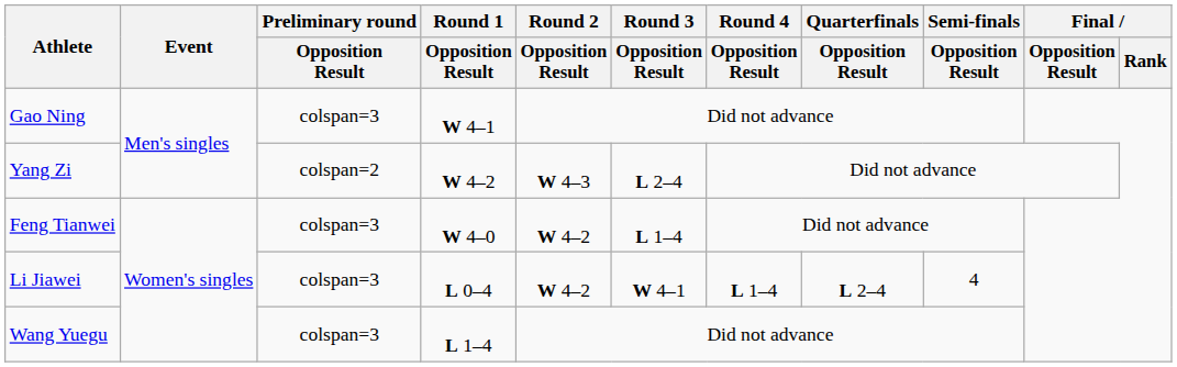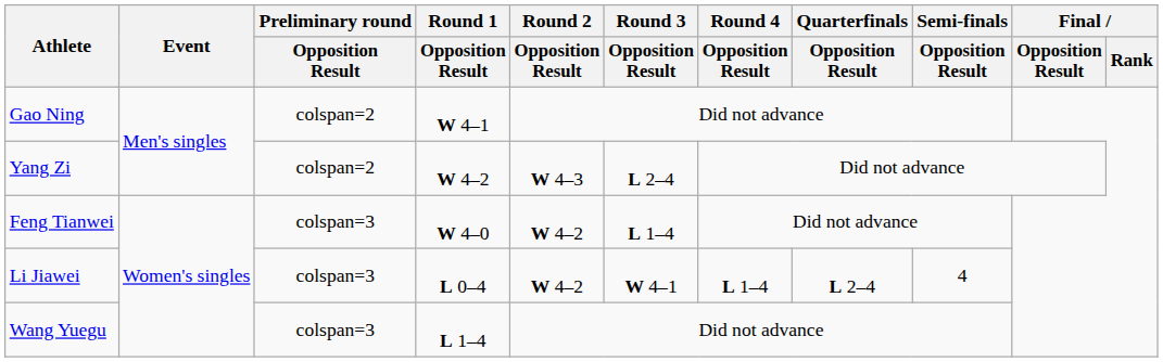 <table class="wikitable" style="font-size:90%">
 <tr>
 <th rowspan="2">Athlete</th>
 <th rowspan="2">Event</th>
 <th>Preliminary round</th>
 <th>Round 1</th>
 <th>Round 2</th>
 <th>Round 3</th>
 <th>Round 4</th>
 <th>Quarterfinals</th>
 <th>Semi-finals</th>
 <th colspan=2>Final / </th>
 </tr>
 <tr style="font-size:95%">
 <th>Opposition<br>Result</th>
 <th>Opposition<br>Result</th>
 <th>Opposition<br>Result</th>
 <th>Opposition<br>Result</th>
 <th>Opposition<br>Result</th>
 <th>Opposition<br>Result</th>
 <th>Opposition<br>Result</th>
 <th>Opposition<br>Result</th>
 <th>Rank</th>
 </tr>
 <tr align=center>
 <td align=left><a href='#'>Gao Ning</a></td>
 <td align=left rowspan=2><a href='#'>Men's singles</a></td>
-<td>colspan=3 </td>
+<td>colspan=2 </td>
 <td><br><strong>W</strong> 4–1</td>
 <td colspan=5>Did not advance</td>
 </tr>
 <tr align=center>
 <td align=left><a href='#'>Yang Zi</a></td>
 <td>colspan=2 </td>
 <td><br><strong>W</strong> 4–2</td>
 <td><br><strong>W</strong> 4–3</td>
 <td><br><strong>L</strong> 2–4</td>
 <td colspan=4>Did not advance</td>
 </tr>
 <tr align=center>
 <td align=left><a href='#'>Feng Tianwei</a></td>
 <td align=left rowspan=3><a href='#'>Women's singles</a></td>
 <td>colspan=3 </td>
 <td><br><strong>W</strong> 4–0</td>
 <td><br><strong>W</strong> 4–2</td>
 <td><br><strong>L</strong> 1–4</td>
 <td colspan=3>Did not advance</td>
 </tr>
 <tr align=center>
 <td align=left><a href='#'>Li Jiawei</a></td>
 <td>colspan=3 </td>
 <td><br><strong>L</strong> 0–4</td>
 <td><br><strong>W</strong> 4–2</td>
 <td><br><strong>W</strong> 4–1</td>
 <td><br><strong>L</strong> 1–4</td>
 <td><br><strong>L</strong> 2–4</td>
 <td>4</td>
 </tr>
 <tr align=center>
 <td align=left><a href='#'>Wang Yuegu</a></td>
 <td>colspan=3 </td>
 <td><br><strong>L</strong> 1–4</td>
 <td colspan=5>Did not advance</td>
 </tr>
 </table>
